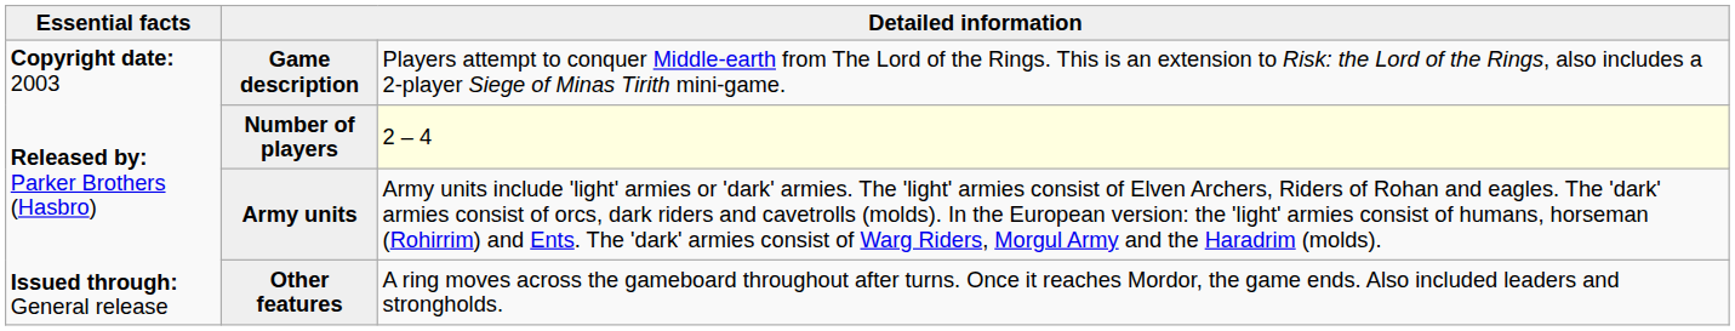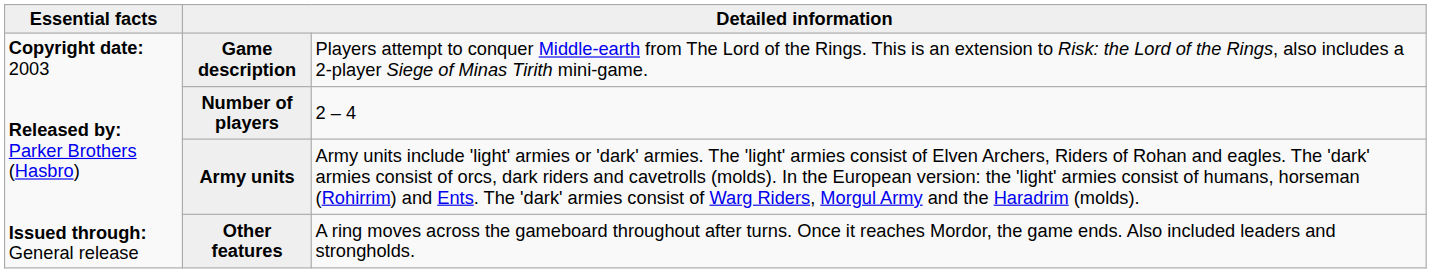 <table class="wikitable">
 <tr>
 <th style="background:#efefef;">Essential facts</th>
 <th style="background:#efefef;" colspan=2>Detailed information</th>
 </tr>
 <tr>
 <td rowspan=4><strong>Copyright date:</strong> 2003<br><br><br> <strong>Released by:</strong> <a href='#'>Parker Brothers</a> (<a href='#'>Hasbro</a>) <br><br><br> <strong>Issued through:</strong> General release</td>
 <th style="background:#efefef;">Game description</th>
 <td>Players attempt to conquer <a href='#'>Middle-earth</a> from The Lord of the Rings. This is an extension to <em>Risk: the Lord of the Rings</em>, also includes a 2-player <em>Siege of Minas Tirith</em> mini-game.</td>
 </tr>
 <tr>
 <th style="background:#efefef;">Number of players</th>
-<td style="background: lightyellow;">2 – 4</td>
+<td>2 – 4</td>
 </tr>
 <tr>
 <th style="background:#efefef;">Army units</th>
 <td>Army units include 'light' armies or 'dark' armies. The 'light' armies consist of Elven Archers, Riders of Rohan and eagles. The 'dark' armies consist of orcs, dark riders and cavetrolls (molds). In the European version: the 'light' armies consist of humans, horseman (<a href='#'>Rohirrim</a>) and <a href='#'>Ents</a>. The 'dark' armies consist of <a href='#'>Warg Riders</a>, <a href='#'>Morgul Army</a> and the <a href='#'>Haradrim</a> (molds).</td>
 </tr>
 <tr>
 <th style="background:#efefef;">Other features</th>
 <td>A ring moves across the gameboard throughout after turns. Once it reaches Mordor, the game ends. Also included leaders and strongholds.</td>
 </tr>
 </table>
